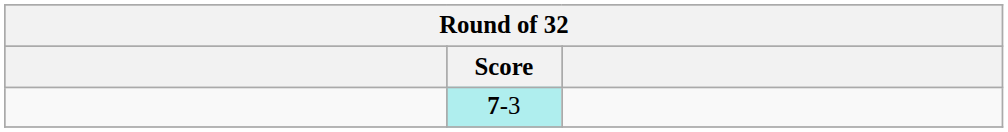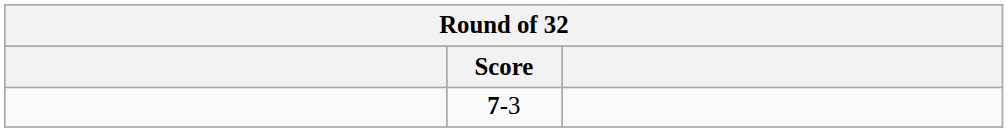 <table class="wikitable" style="text-align: center; font-size:90% ">
 <tr>
 <th colspan=3>Round of 32</th>
 </tr>
 <tr>
 <th align="right" width="250"></th>
 <th width="60">Score</th>
 <th align="left" width="250"></th>
 </tr>
 <tr>
 <td align=left><strong></strong></td>
-<td align=center style="background: paleturquoise;"><strong>7</strong>-3</td>
+<td align=center><strong>7</strong>-3</td>
 <td align=left></td>
 </tr>
 </table>
